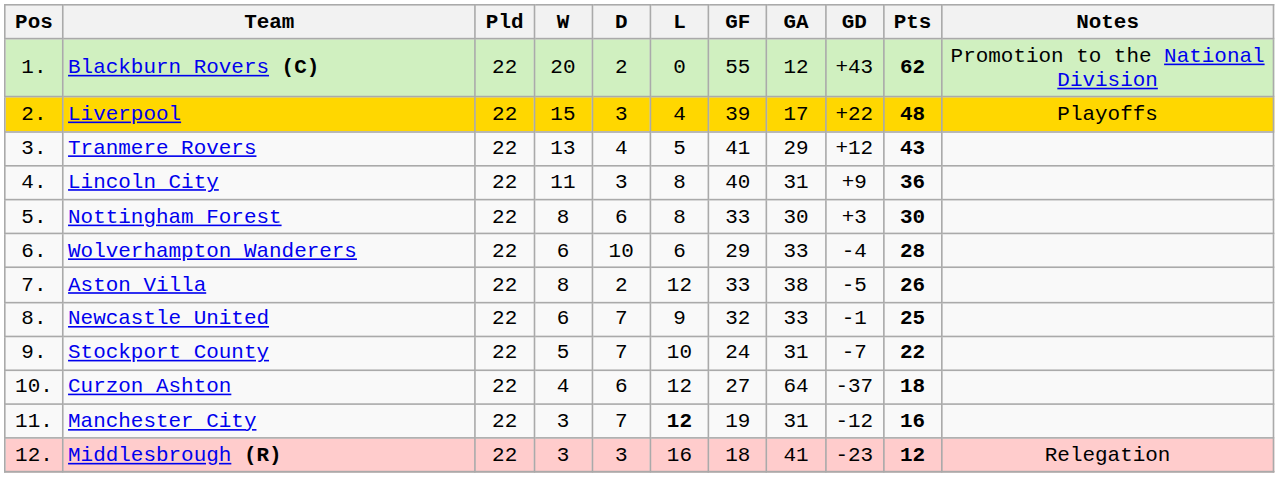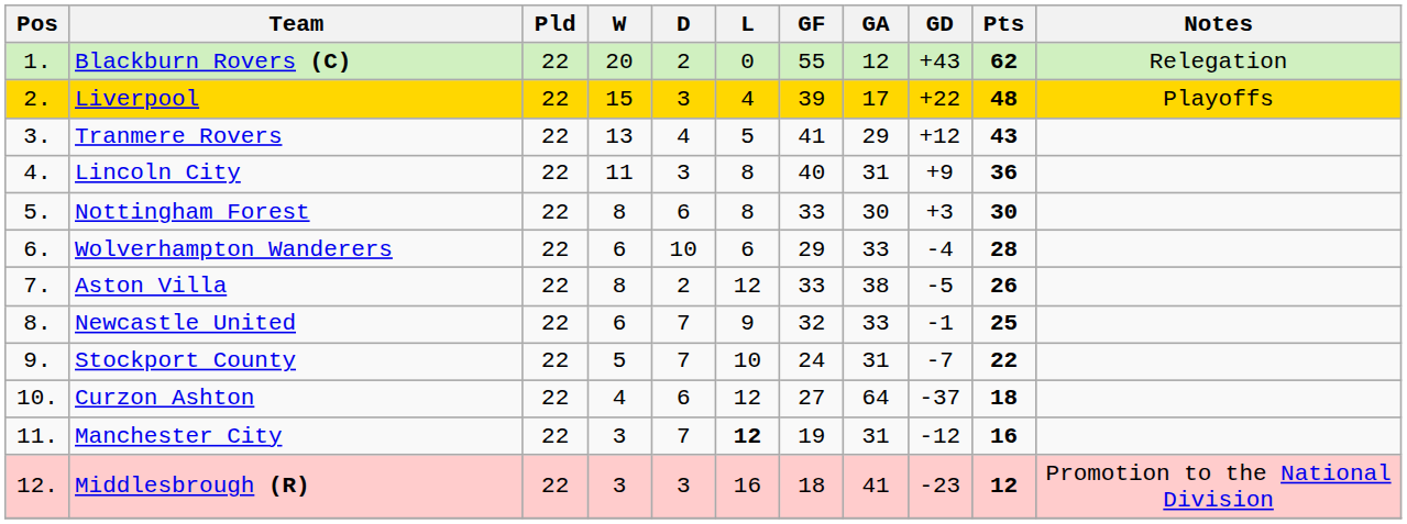 <table class="wikitable" style="text-align:center;">
 <tr>
 <th width=30 abbr="Position">Pos</th>
 <th width=250>Team</th>
 <th width=30 abbr="Played">Pld</th>
 <th width=30 abbr="Won">W</th>
 <th width=30 abbr="Drawn">D</th>
 <th width=30 abbr="Lost">L</th>
 <th width=30 abbr="Goals for">GF</th>
 <th width=30 abbr="Goals against">GA</th>
 <th width=30 abbr="Goal difference">GD</th>
 <th width=30 abbr="Points">Pts</th>
 <th width=200>Notes</th>
 </tr>
 <tr bgcolor="D0F0C0">
 <td>1.</td>
 <td align="left"><a href='#'>Blackburn Rovers</a> <strong>(C)</strong></td>
 <td>22</td>
 <td>20</td>
 <td>2</td>
 <td>0</td>
 <td>55</td>
 <td>12</td>
 <td>+43</td>
 <td><strong>62</strong></td>
-<td>Promotion to the <a href='#'>National Division</a></td>
+<td>Relegation</td>
 </tr>
 <tr bgcolor="gold">
 <td>2.</td>
 <td align="left"><a href='#'>Liverpool</a></td>
 <td>22</td>
 <td>15</td>
 <td>3</td>
 <td>4</td>
 <td>39</td>
 <td>17</td>
 <td>+22</td>
 <td><strong>48</strong></td>
 <td>Playoffs</td>
 </tr>
 <tr>
 <td>3.</td>
 <td align="left"><a href='#'>Tranmere Rovers</a></td>
 <td>22</td>
 <td>13</td>
 <td>4</td>
 <td>5</td>
 <td>41</td>
 <td>29</td>
 <td>+12</td>
 <td><strong>43</strong></td>
 <td></td>
 </tr>
 <tr>
 <td>4.</td>
 <td align="left"><a href='#'>Lincoln City</a></td>
 <td>22</td>
 <td>11</td>
 <td>3</td>
 <td>8</td>
 <td>40</td>
 <td>31</td>
 <td>+9</td>
 <td><strong>36</strong></td>
 <td></td>
 </tr>
 <tr>
 <td>5.</td>
 <td align="left"><a href='#'>Nottingham Forest</a></td>
 <td>22</td>
 <td>8</td>
 <td>6</td>
 <td>8</td>
 <td>33</td>
 <td>30</td>
 <td>+3</td>
 <td><strong>30</strong></td>
 <td></td>
 </tr>
 <tr>
 <td>6.</td>
 <td align="left"><a href='#'>Wolverhampton Wanderers</a></td>
 <td>22</td>
 <td>6</td>
 <td>10</td>
 <td>6</td>
 <td>29</td>
 <td>33</td>
 <td>-4</td>
 <td><strong>28</strong></td>
 <td></td>
 </tr>
 <tr>
 <td>7.</td>
 <td align="left"><a href='#'>Aston Villa</a></td>
 <td>22</td>
 <td>8</td>
 <td>2</td>
 <td>12</td>
 <td>33</td>
 <td>38</td>
 <td>-5</td>
 <td><strong>26</strong></td>
 <td></td>
 </tr>
 <tr>
 <td>8.</td>
 <td align="left"><a href='#'>Newcastle United</a></td>
 <td>22</td>
 <td>6</td>
 <td>7</td>
 <td>9</td>
 <td>32</td>
 <td>33</td>
 <td>-1</td>
 <td><strong>25</strong></td>
 <td></td>
 </tr>
 <tr>
 <td>9.</td>
 <td align="left"><a href='#'>Stockport County</a></td>
 <td>22</td>
 <td>5</td>
 <td>7</td>
 <td>10</td>
 <td>24</td>
 <td>31</td>
 <td>-7</td>
 <td><strong>22</strong></td>
 <td></td>
 </tr>
 <tr>
 <td>10.</td>
 <td align="left"><a href='#'>Curzon Ashton</a></td>
 <td>22</td>
 <td>4</td>
 <td>6</td>
 <td>12</td>
 <td>27</td>
 <td>64</td>
 <td>-37</td>
 <td><strong>18</strong></td>
 <td></td>
 </tr>
 <tr>
 <td>11.</td>
 <td align="left"><a href='#'>Manchester City</a></td>
 <td>22</td>
 <td>3</td>
 <td>7</td>
 <td><strong>12</strong></td>
 <td>19</td>
 <td>31</td>
 <td>-12</td>
 <td><strong>16</strong></td>
 <td></td>
 </tr>
 <tr bgcolor="FFCCCC">
 <td>12.</td>
 <td align="left"><a href='#'>Middlesbrough</a> <strong>(R)</strong></td>
 <td>22</td>
 <td>3</td>
 <td>3</td>
 <td>16</td>
 <td>18</td>
 <td>41</td>
 <td>-23</td>
 <td><strong>12</strong></td>
-<td>Relegation</td>
+<td>Promotion to the <a href='#'>National Division</a></td>
 </tr>
 <tr>
 </tr>
 </table>
